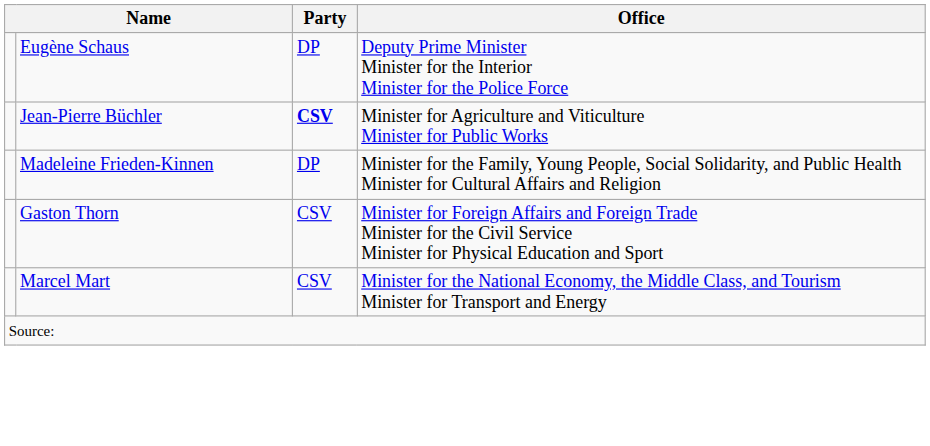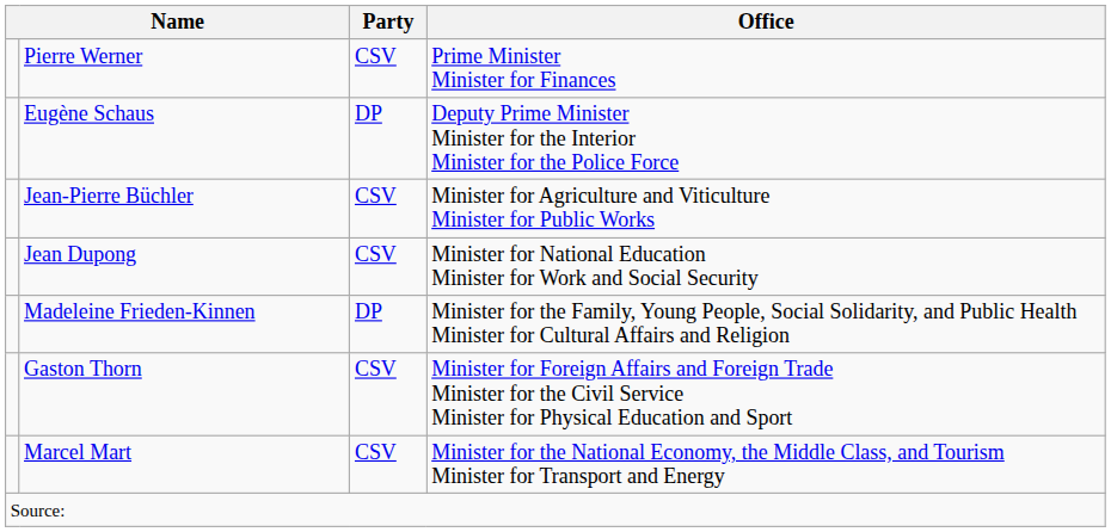 <table class="wikitable">
 <tr>
 <th colspan=2 width=250px>Name</th>
 <th width=50px>Party</th>
 <th width=500px>Office</th>
+</tr>
+<tr>
+<td style="background-color: "></td>
+<td valign=top><a href='#'>Pierre Werner</a></td>
+<td valign=top><a href='#'>CSV</a></td>
+<td><a href='#'>Prime Minister</a> <br> <a href='#'>Minister for Finances</a></td>
 </tr>
 <tr>
 <td style="background-color: "></td>
 <td valign=top><a href='#'>Eugène Schaus</a></td>
 <td valign=top><a href='#'>DP</a></td>
 <td><a href='#'>Deputy Prime Minister</a> <br> Minister for the Interior <br> <a href='#'>Minister for the Police Force</a></td>
 </tr>
 <tr>
 <td style="background-color: "></td>
 <td valign=top><a href='#'>Jean-Pierre Büchler</a></td>
-<td valign=top><strong><a href='#'>CSV</a></strong></td>
+<td valign=top><a href='#'>CSV</a></td>
 <td>Minister for Agriculture and Viticulture <br> <a href='#'>Minister for Public Works</a></td>
+</tr>
+<tr>
+<td style="background-color: "></td>
+<td valign=top><a href='#'>Jean Dupong</a></td>
+<td valign=top><a href='#'>CSV</a></td>
+<td>Minister for National Education <br> Minister for Work and Social Security</td>
 </tr>
 <tr>
 <td style="background-color: "></td>
 <td valign=top><a href='#'>Madeleine Frieden-Kinnen</a></td>
 <td valign=top><a href='#'>DP</a></td>
 <td>Minister for the Family, Young People, Social Solidarity, and Public Health <br> Minister for Cultural Affairs and Religion</td>
 </tr>
 <tr>
 <td style="background-color: "></td>
 <td valign=top><a href='#'>Gaston Thorn</a></td>
 <td valign=top><a href='#'>CSV</a></td>
 <td><a href='#'>Minister for Foreign Affairs and Foreign Trade</a> <br> Minister for the Civil Service <br> Minister for Physical Education and Sport</td>
 </tr>
 <tr>
 <td style="background-color: "></td>
 <td valign=top><a href='#'>Marcel Mart</a></td>
 <td valign=top><a href='#'>CSV</a></td>
 <td><a href='#'>Minister for the National Economy, the Middle Class, and Tourism</a> <br> Minister for Transport and Energy</td>
 </tr>
 <tr>
 <td colspan=4><small>Source: </small></td>
 </tr>
 </table>
